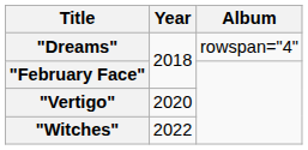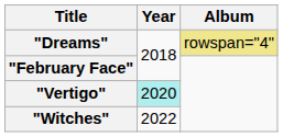 <table class="wikitable plainrowheaders" style="text-align:center">
 <tr>
 <th scope="col">Title</th>
 <th scope="col">Year</th>
 <th scope="col">Album</th>
 </tr>
 <tr>
 <th scope="row">"Dreams"</th>
 <td rowspan="2">2018</td>
-<td>rowspan="4" </td>
+<td style="background: khaki;">rowspan="4" </td>
 </tr>
 <tr>
 <th scope="row">"February Face"</th>
 </tr>
 <tr>
 <th scope="row">"Vertigo"</th>
-<td>2020</td>
+<td style="background: paleturquoise;">2020</td>
 </tr>
 <tr>
 <th scope="row">"Witches"</th>
 <td>2022</td>
 </tr>
 </table>
